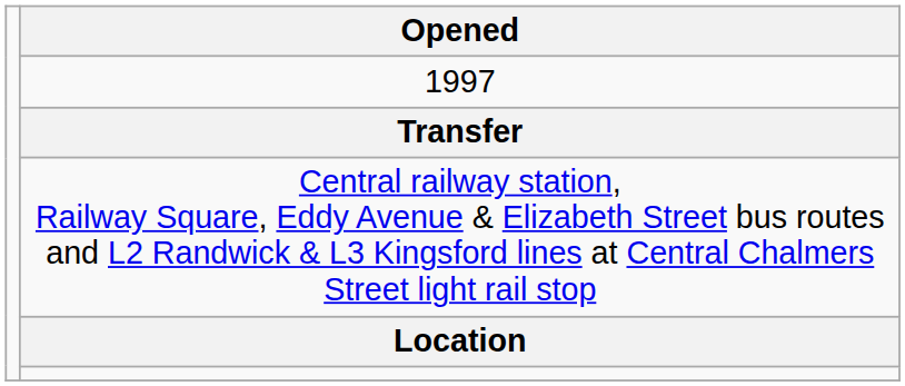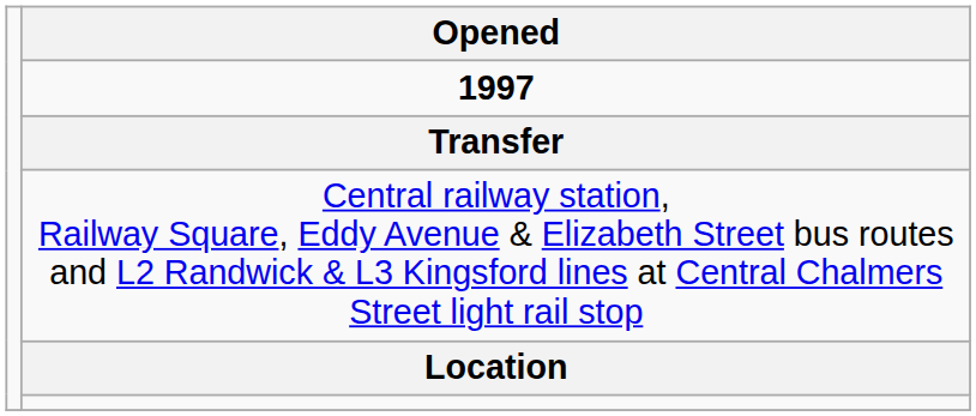 <table class=wikitable style="text-align: center; width: 450px; float:right">
 <tr>
 <td rowspan="6"></td>
 <th>Opened</th>
 </tr>
 <tr>
-<td>1997</td>
+<td><strong>1997</strong></td>
 </tr>
 <tr>
 <th>Transfer</th>
 </tr>
 <tr>
 <td><a href='#'>Central railway station</a>,<br><a href='#'>Railway Square</a>, <a href='#'>Eddy Avenue</a> & <a href='#'>Elizabeth Street</a> bus routes and <a href='#'>L2 Randwick & L3 Kingsford lines</a> at <a href='#'>Central Chalmers Street light rail stop</a></td>
 </tr>
 <tr>
 <th>Location</th>
 </tr>
 <tr>
 <td></td>
 </tr>
 </table>
